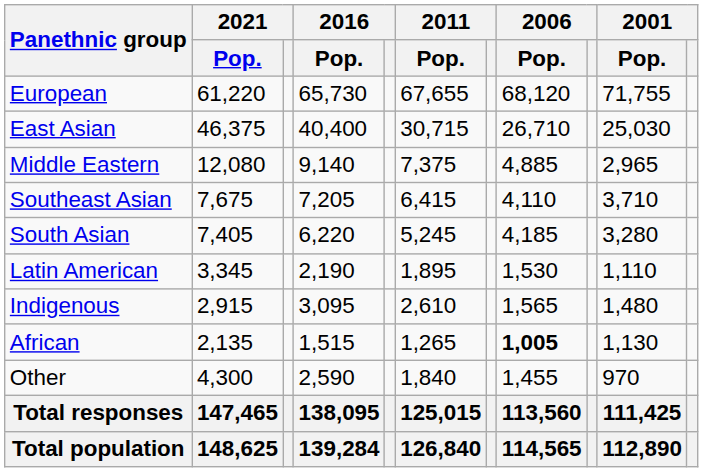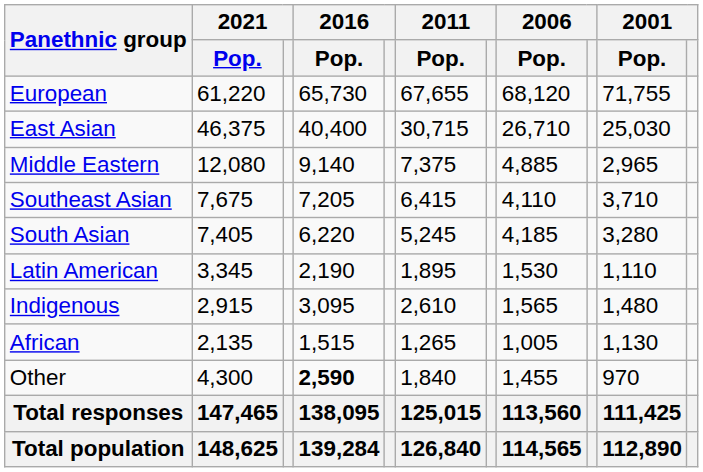 <table class="wikitable collapsible sortable">
 <tr>
 <th rowspan="2"><a href='#'>Panethnic</a> group</th>
 <th colspan="2">2021</th>
 <th colspan="2">2016</th>
 <th colspan="2">2011</th>
 <th colspan="2">2006</th>
 <th colspan="2">2001</th>
 </tr>
 <tr>
 <th><a href='#'>Pop.</a></th>
 <th></th>
 <th>Pop.</th>
 <th></th>
 <th>Pop.</th>
 <th></th>
 <th>Pop.</th>
 <th></th>
 <th>Pop.</th>
 <th></th>
 </tr>
 <tr>
 <td><a href='#'>European</a></td>
 <td>61,220</td>
 <td></td>
 <td>65,730</td>
 <td></td>
 <td>67,655</td>
 <td></td>
 <td>68,120</td>
 <td></td>
 <td>71,755</td>
 <td></td>
 </tr>
 <tr>
 <td><a href='#'>East Asian</a></td>
 <td>46,375</td>
 <td></td>
 <td>40,400</td>
 <td></td>
 <td>30,715</td>
 <td></td>
 <td>26,710</td>
 <td></td>
 <td>25,030</td>
 <td></td>
 </tr>
 <tr>
 <td><a href='#'>Middle Eastern</a></td>
 <td>12,080</td>
 <td></td>
 <td>9,140</td>
 <td></td>
 <td>7,375</td>
 <td></td>
 <td>4,885</td>
 <td></td>
 <td>2,965</td>
 <td></td>
 </tr>
 <tr>
 <td><a href='#'>Southeast Asian</a></td>
 <td>7,675</td>
 <td></td>
 <td>7,205</td>
 <td></td>
 <td>6,415</td>
 <td></td>
 <td>4,110</td>
 <td></td>
 <td>3,710</td>
 <td></td>
 </tr>
 <tr>
 <td><a href='#'>South Asian</a></td>
 <td>7,405</td>
 <td></td>
 <td>6,220</td>
 <td></td>
 <td>5,245</td>
 <td></td>
 <td>4,185</td>
 <td></td>
 <td>3,280</td>
 <td></td>
 </tr>
 <tr>
 <td><a href='#'>Latin American</a></td>
 <td>3,345</td>
 <td></td>
 <td>2,190</td>
 <td></td>
 <td>1,895</td>
 <td></td>
 <td>1,530</td>
 <td></td>
 <td>1,110</td>
 <td></td>
 </tr>
 <tr>
 <td><a href='#'>Indigenous</a></td>
 <td>2,915</td>
 <td></td>
 <td>3,095</td>
 <td></td>
 <td>2,610</td>
 <td></td>
 <td>1,565</td>
 <td></td>
 <td>1,480</td>
 <td></td>
 </tr>
 <tr>
 <td><a href='#'>African</a></td>
 <td>2,135</td>
 <td></td>
 <td>1,515</td>
 <td></td>
 <td>1,265</td>
 <td></td>
-<td><strong>1,005</strong></td>
+<td>1,005</td>
 <td></td>
 <td>1,130</td>
 <td></td>
 </tr>
 <tr>
 <td>Other</td>
 <td>4,300</td>
 <td></td>
-<td>2,590</td>
+<td><strong>2,590</strong></td>
 <td></td>
 <td>1,840</td>
 <td></td>
 <td>1,455</td>
 <td></td>
 <td>970</td>
 <td></td>
 </tr>
 <tr>
 <th>Total responses</th>
 <th>147,465</th>
 <th></th>
 <th>138,095</th>
 <th></th>
 <th>125,015</th>
 <th></th>
 <th>113,560</th>
 <th></th>
 <th>111,425</th>
 <th></th>
 </tr>
 <tr>
 <th>Total population</th>
 <th>148,625</th>
 <th></th>
 <th>139,284</th>
 <th></th>
 <th>126,840</th>
 <th></th>
 <th>114,565</th>
 <th></th>
 <th>112,890</th>
 <th></th>
 </tr>
 </table>
